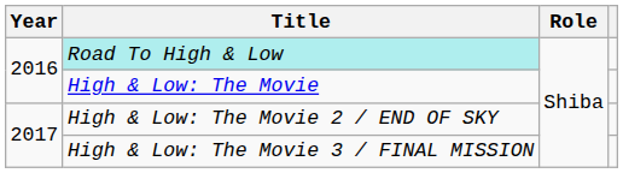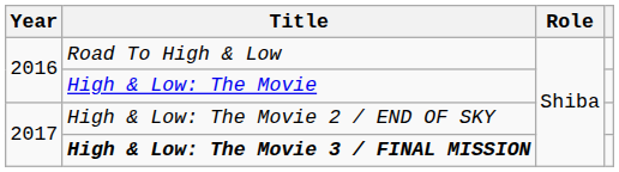 <table class="wikitable">
 <tr>
 <th>Year</th>
 <th>Title</th>
 <th>Role</th>
 <th class="unsortable"></th>
 </tr>
 <tr>
 <td rowspan="2">2016</td>
-<td style="background: paleturquoise;"><em>Road To High & Low</em></td>
+<td><em>Road To High & Low</em></td>
 <td rowspan="4">Shiba</td>
 <td></td>
 </tr>
 <tr>
 <td><em><a href='#'>High & Low: The Movie</a></em></td>
 <td></td>
 </tr>
 <tr>
 <td rowspan="2">2017</td>
 <td><em>High & Low: The Movie 2 / END OF SKY</em></td>
 <td></td>
 </tr>
 <tr>
-<td><em>High & Low: The Movie 3 / FINAL MISSION</em></td>
+<td><strong><em>High & Low: The Movie 3 / FINAL MISSION</em></strong></td>
 <td></td>
 </tr>
 </table>
